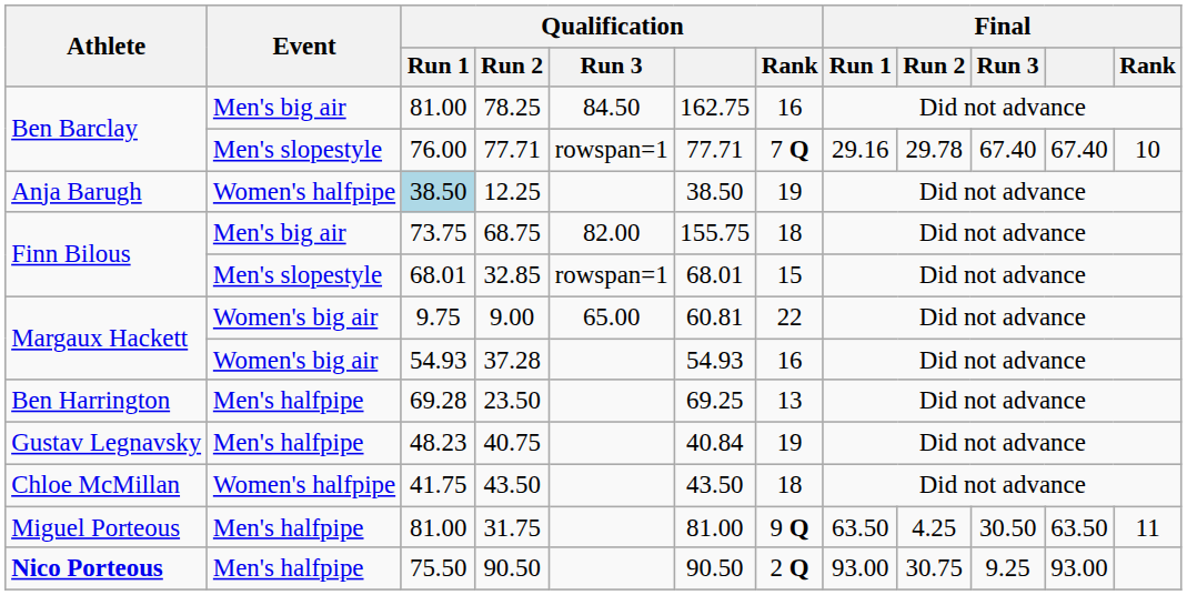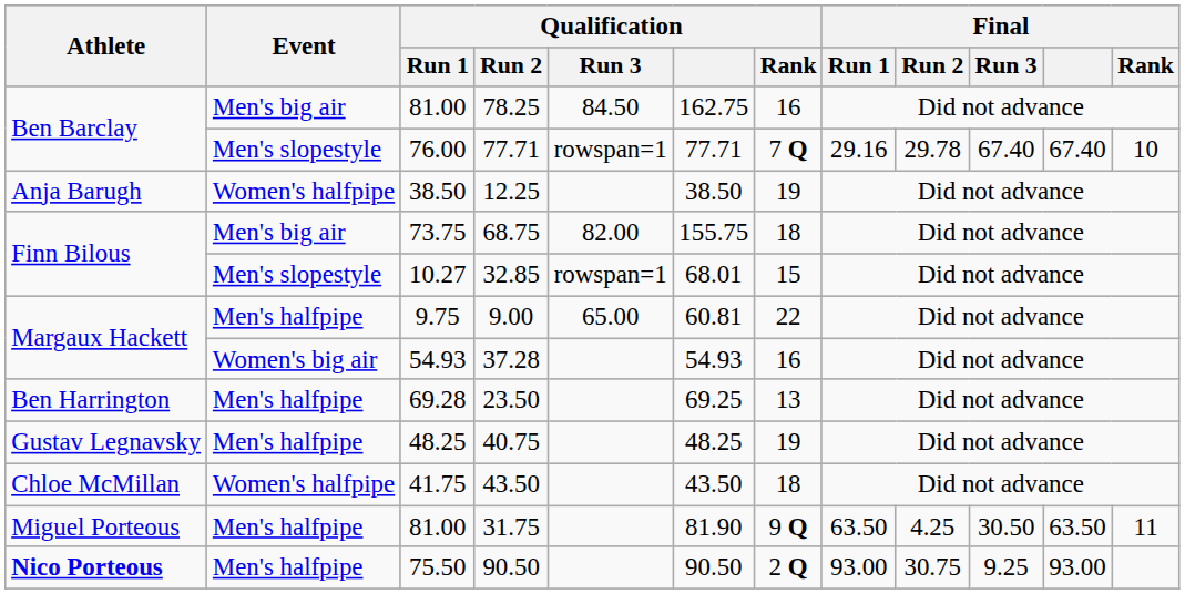 <table class="wikitable" style="font-size:90%;text-align:center;">
 <tr>
 <th rowspan="2">Athlete</th>
 <th rowspan="2">Event</th>
 <th colspan="5">Qualification</th>
 <th colspan="5">Final</th>
 </tr>
 <tr style="font-size:95%">
 <th>Run 1</th>
 <th>Run 2</th>
 <th>Run 3</th>
 <th></th>
 <th>Rank</th>
 <th>Run 1</th>
 <th>Run 2</th>
 <th>Run 3</th>
 <th></th>
 <th>Rank</th>
 </tr>
 <tr>
 <td align=left rowspan=2><a href='#'>Ben Barclay</a></td>
 <td align=left><a href='#'>Men's big air</a></td>
 <td>81.00</td>
 <td>78.25</td>
 <td>84.50</td>
 <td>162.75</td>
 <td>16</td>
 <td colspan=5>Did not advance</td>
 </tr>
 <tr>
 <td align=left><a href='#'>Men's slopestyle</a></td>
 <td>76.00</td>
 <td>77.71</td>
 <td>rowspan=1</td>
 <td>77.71</td>
 <td>7 <strong>Q</strong></td>
 <td>29.16</td>
 <td>29.78</td>
 <td>67.40</td>
 <td>67.40</td>
 <td>10</td>
 </tr>
 <tr>
 <td align=left><a href='#'>Anja Barugh</a></td>
 <td align=left><a href='#'>Women's halfpipe</a></td>
-<td style="background: lightblue;">38.50</td>
+<td>38.50</td>
 <td>12.25</td>
 <td></td>
 <td>38.50</td>
 <td>19</td>
 <td colspan=5>Did not advance</td>
 </tr>
 <tr>
 <td align=left rowspan=2><a href='#'>Finn Bilous</a></td>
 <td align=left><a href='#'>Men's big air</a></td>
 <td>73.75</td>
 <td>68.75</td>
 <td>82.00</td>
 <td>155.75</td>
 <td>18</td>
 <td colspan=5>Did not advance</td>
 </tr>
 <tr>
 <td align=left><a href='#'>Men's slopestyle</a></td>
-<td>68.01</td>
+<td>10.27</td>
 <td>32.85</td>
 <td>rowspan=1</td>
 <td>68.01</td>
 <td>15</td>
 <td colspan=5>Did not advance</td>
 </tr>
 <tr>
 <td align=left rowspan=2><a href='#'>Margaux Hackett</a></td>
-<td align=left><a href='#'>Women's big air</a></td>
+<td align=left><a href='#'>Men's halfpipe</a></td>
 <td>9.75</td>
 <td>9.00</td>
 <td>65.00</td>
 <td>60.81</td>
 <td>22</td>
 <td colspan=5>Did not advance</td>
 </tr>
 <tr>
 <td align=left><a href='#'>Women's big air</a></td>
 <td>54.93</td>
 <td>37.28</td>
 <td></td>
 <td>54.93</td>
 <td>16</td>
 <td colspan=5>Did not advance</td>
 </tr>
 <tr>
 <td align=left><a href='#'>Ben Harrington</a></td>
 <td align=left><a href='#'>Men's halfpipe</a></td>
 <td>69.28</td>
 <td>23.50</td>
 <td></td>
 <td>69.25</td>
 <td>13</td>
 <td colspan=5>Did not advance</td>
 </tr>
 <tr>
 <td align=left><a href='#'>Gustav Legnavsky</a></td>
 <td align=left><a href='#'>Men's halfpipe</a></td>
-<td>48.23</td>
+<td>48.25</td>
 <td>40.75</td>
 <td></td>
-<td>40.84</td>
+<td>48.25</td>
 <td>19</td>
 <td colspan=5>Did not advance</td>
 </tr>
 <tr>
 <td align=left><a href='#'>Chloe McMillan</a></td>
 <td align=left><a href='#'>Women's halfpipe</a></td>
 <td>41.75</td>
 <td>43.50</td>
 <td></td>
 <td>43.50</td>
 <td>18</td>
 <td colspan=5>Did not advance</td>
 </tr>
 <tr>
 <td align=left><a href='#'>Miguel Porteous</a></td>
 <td align=left><a href='#'>Men's halfpipe</a></td>
 <td>81.00</td>
 <td>31.75</td>
 <td></td>
-<td>81.00</td>
+<td>81.90</td>
 <td>9 <strong>Q</strong></td>
 <td>63.50</td>
 <td>4.25</td>
 <td>30.50</td>
 <td>63.50</td>
 <td>11</td>
 </tr>
 <tr>
 <td align=left><strong><a href='#'>Nico Porteous</a></strong></td>
 <td align=left><a href='#'>Men's halfpipe</a></td>
 <td>75.50</td>
 <td>90.50</td>
 <td></td>
 <td>90.50</td>
 <td>2 <strong>Q</strong></td>
 <td>93.00</td>
 <td>30.75</td>
 <td>9.25</td>
 <td>93.00</td>
 <td></td>
 </tr>
 </table>
